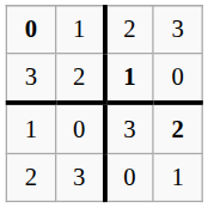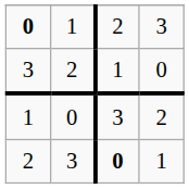 <table class="wikitable" style="margin-left:auto;margin-right:auto;text-align:center;width:8em;height:8em;table-layout:fixed;">
 <tr>
 </tr>
 <tr>
 <td><strong>0</strong></td>
 <td style="border-right:solid">1</td>
 <td>2</td>
 <td>3</td>
 </tr>
 <tr>
 <td>3</td>
 <td style="border-right:solid">2</td>
-<td><strong>1</strong></td>
+<td>1</td>
 <td>0</td>
 </tr>
 <tr>
 <td style="border-top:solid">1</td>
 <td style="border-top:solid;border-right:solid">0</td>
 <td style="border-top:solid">3</td>
-<td style="border-top:solid"><strong>2</strong></td>
+<td style="border-top:solid">2</td>
 </tr>
 <tr>
 <td>2</td>
 <td style="border-right:solid">3</td>
-<td>0</td>
+<td><strong>0</strong></td>
 <td>1</td>
 </tr>
 </table>
